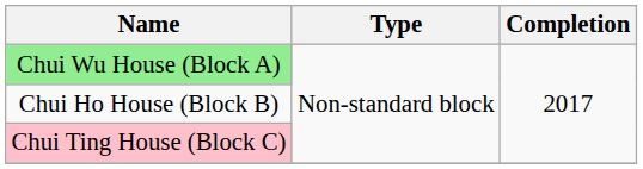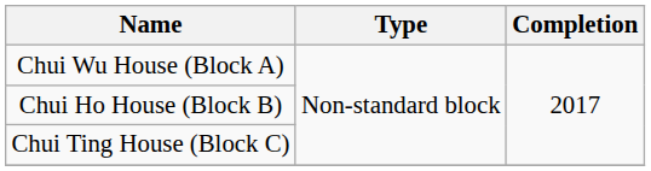 <table class="wikitable" style="text-align: center">
 <tr>
 <th>Name</th>
 <th>Type</th>
 <th>Completion</th>
 </tr>
 <tr>
-<td style="background: lightgreen;">Chui Wu House (Block A)</td>
+<td>Chui Wu House (Block A)</td>
 <td rowspan="3">Non-standard block</td>
 <td rowspan="3">2017</td>
 </tr>
 <tr>
 <td>Chui Ho House (Block B)</td>
 </tr>
 <tr>
-<td style="background: pink;">Chui Ting House (Block C)</td>
+<td>Chui Ting House (Block C)</td>
 </tr>
 <tr>
 </tr>
 </table>
